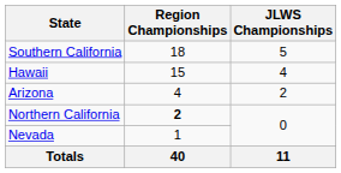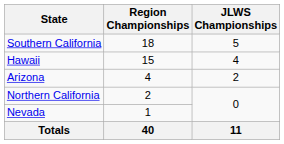 <table class="wikitable">
 <tr>
 <th>State</th>
 <th>Region<br>Championships</th>
 <th>JLWS<br>Championships</th>
 </tr>
 <tr>
 <td> <a href='#'>Southern California</a></td>
 <td align=center>18</td>
 <td align="center">5</td>
 </tr>
 <tr>
 <td> <a href='#'>Hawaii</a></td>
 <td align=center>15</td>
 <td align="center">4</td>
 </tr>
 <tr>
 <td> <a href='#'>Arizona</a></td>
 <td align=center>4</td>
 <td align=center>2</td>
 </tr>
 <tr>
 <td> <a href='#'>Northern California</a></td>
-<td align=center><strong>2</strong></td>
+<td align=center>2</td>
 <td align=center rowspan=2>0</td>
 </tr>
 <tr>
 <td> <a href='#'>Nevada</a></td>
 <td align=center>1</td>
 </tr>
 <tr>
 <th>Totals</th>
 <th>40</th>
 <th>11</th>
 </tr>
 </table>
